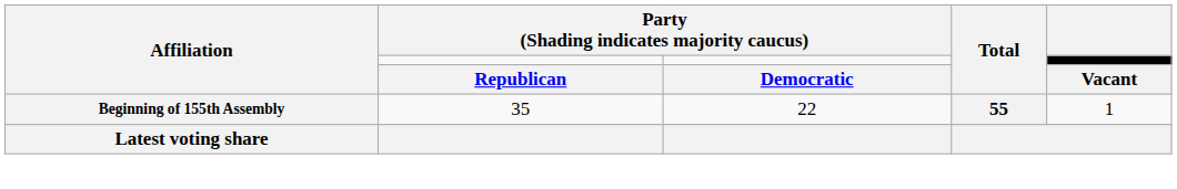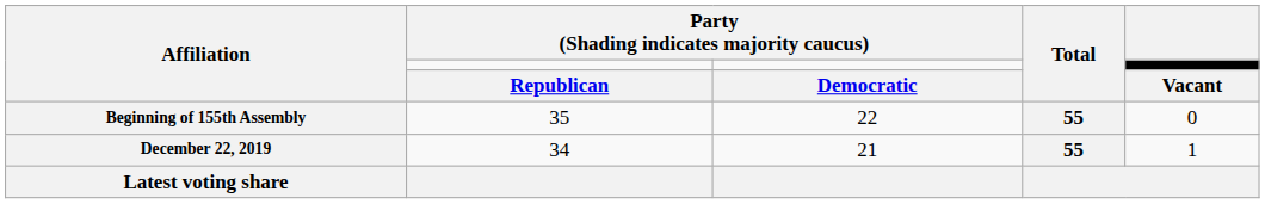 <table class="wikitable" style="text-align:center; width:50%">
 <tr>
 <th rowspan="3">Affiliation</th>
 <th colspan="2">Party<div>(Shading indicates majority caucus)</div></th>
 <th rowspan="3">Total</th>
 <th></th>
 </tr>
 <tr style="height:5px">
 <td style="background-color:"></td>
 <td style="background-color:"></td>
 <td style="background: black"></td>
 </tr>
 <tr>
 <th><a href='#'>Republican</a></th>
 <th><a href='#'>Democratic</a></th>
 <th>Vacant</th>
 </tr>
 <tr>
 <th nowrap="" style="font-size:80%">Beginning of 155th Assembly</th>
 <td>35</td>
 <td>22</td>
 <th>55</th>
+<td>0</td>
+</tr>
+<tr>
+<th nowrap="" style="font-size:80%">December 22, 2019</th>
+<td>34</td>
+<td>21</td>
+<th>55</th>
 <td>1</td>
 </tr>
 <tr>
 <th>Latest voting share</th>
 <th></th>
 <th></th>
 <th colspan="2"></th>
 </tr>
 </table>
